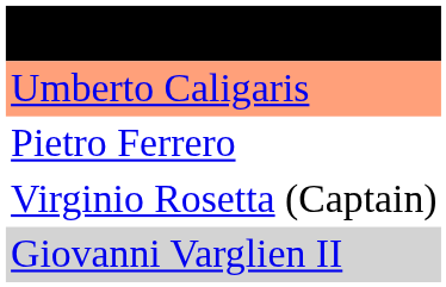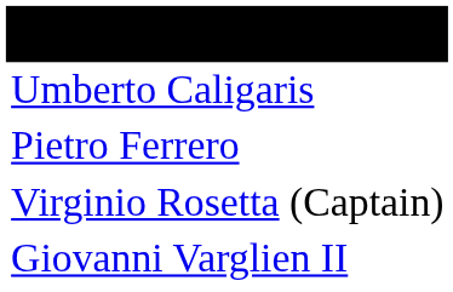 <table class="toccolours" border="0" cellpadding="2" cellspacing="0" align="left" style="margin:0.5em;">
 <tr>
 <th colspan="2" align=center bgcolor="#000000"><span>Defenders</span></th>
 </tr>
 <tr>
-<td style="background: lightsalmon;"> <a href='#'>Umberto Caligaris</a></td>
+<td> <a href='#'>Umberto Caligaris</a></td>
 </tr>
 <tr>
 <td><a href='#'>Pietro Ferrero</a></td>
 </tr>
 <tr>
 <td><a href='#'>Virginio Rosetta</a> (Captain)</td>
 </tr>
 <tr>
-<td style="background: lightgrey;"><a href='#'>Giovanni Varglien II</a></td>
+<td><a href='#'>Giovanni Varglien II</a></td>
 </tr>
 </table>
